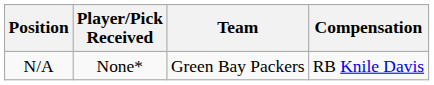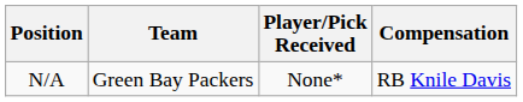 <table class="wikitable" style="text-align:center">
 <tr>
 <th>Position</th>
+<th>Team</th>
 <th>Player/Pick<br>Received</th>
-<th>Team</th>
 <th>Compensation</th>
 </tr>
 <tr>
 <td>N/A</td>
+<td>Green Bay Packers</td>
 <td>None*</td>
-<td>Green Bay Packers</td>
 <td>RB <a href='#'>Knile Davis</a></td>
 </tr>
 </table>
